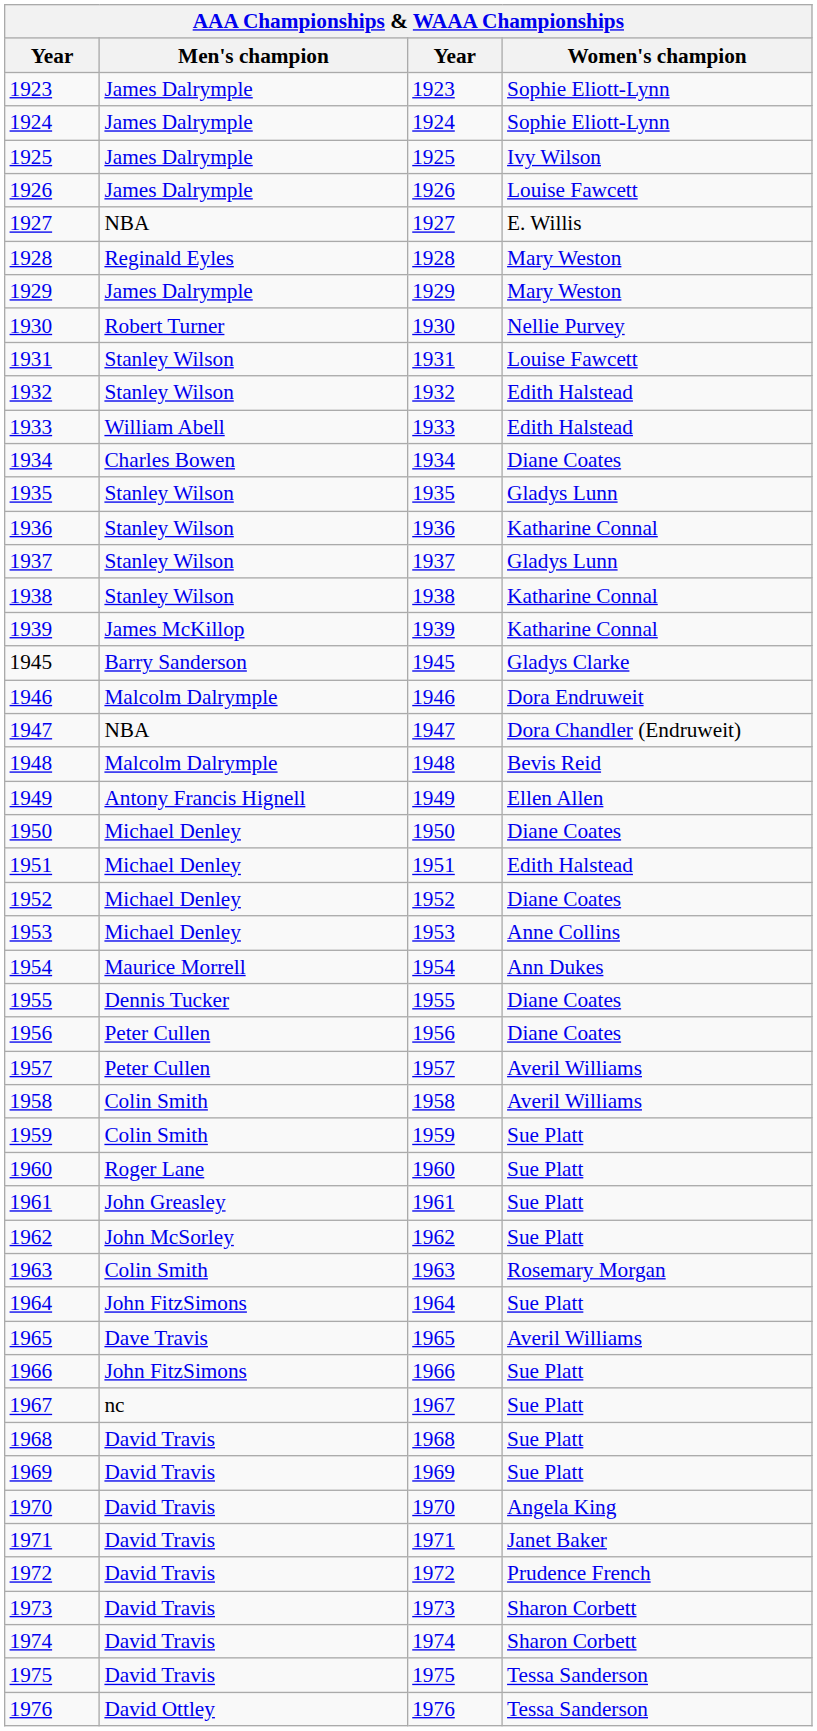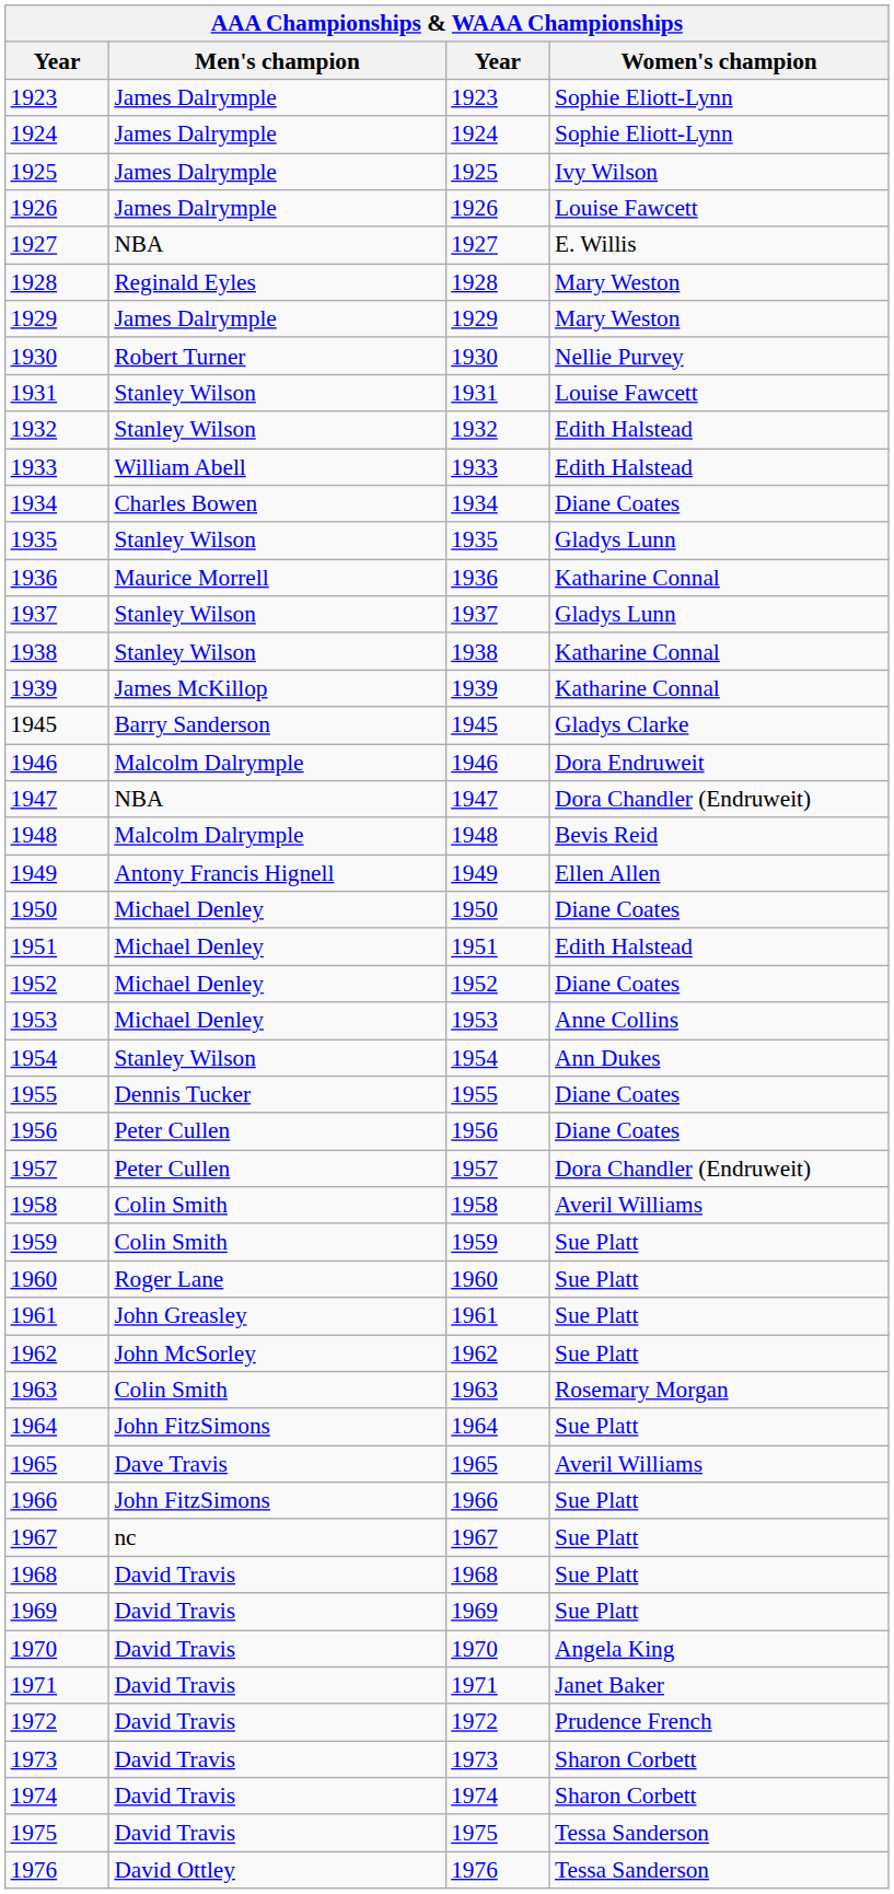 <table class="wikitable">
 <tr>
 <th colspan="4"><a href='#'>AAA Championships</a> & <a href='#'>WAAA Championships</a></th>
 </tr>
 <tr>
 <th width=80>Year</th>
 <th width=300>Men's champion</th>
 <th width=80>Year</th>
 <th width=300>Women's champion</th>
 </tr>
 <tr>
 <td><a href='#'>1923</a></td>
 <td><a href='#'>James Dalrymple</a></td>
 <td><a href='#'>1923</a></td>
 <td><a href='#'>Sophie Eliott-Lynn</a></td>
 </tr>
 <tr>
 <td><a href='#'>1924</a></td>
 <td><a href='#'>James Dalrymple</a></td>
 <td><a href='#'>1924</a></td>
 <td><a href='#'>Sophie Eliott-Lynn</a></td>
 </tr>
 <tr>
 <td><a href='#'>1925</a></td>
 <td><a href='#'>James Dalrymple</a></td>
 <td><a href='#'>1925</a></td>
 <td><a href='#'>Ivy Wilson</a></td>
 </tr>
 <tr>
 <td><a href='#'>1926</a></td>
 <td><a href='#'>James Dalrymple</a></td>
 <td><a href='#'>1926</a></td>
 <td><a href='#'>Louise Fawcett</a></td>
 </tr>
 <tr>
 <td><a href='#'>1927</a></td>
 <td>NBA</td>
 <td><a href='#'>1927</a></td>
 <td>E. Willis</td>
 </tr>
 <tr>
 <td><a href='#'>1928</a></td>
 <td><a href='#'>Reginald Eyles</a></td>
 <td><a href='#'>1928</a></td>
 <td><a href='#'>Mary Weston</a></td>
 </tr>
 <tr>
 <td><a href='#'>1929</a></td>
 <td><a href='#'>James Dalrymple</a></td>
 <td><a href='#'>1929</a></td>
 <td><a href='#'>Mary Weston</a></td>
 </tr>
 <tr>
 <td><a href='#'>1930</a></td>
 <td><a href='#'>Robert Turner</a></td>
 <td><a href='#'>1930</a></td>
 <td><a href='#'>Nellie Purvey</a></td>
 </tr>
 <tr>
 <td><a href='#'>1931</a></td>
 <td><a href='#'>Stanley Wilson</a></td>
 <td><a href='#'>1931</a></td>
 <td><a href='#'>Louise Fawcett</a></td>
 </tr>
 <tr>
 <td><a href='#'>1932</a></td>
 <td><a href='#'>Stanley Wilson</a></td>
 <td><a href='#'>1932</a></td>
 <td><a href='#'>Edith Halstead</a></td>
 </tr>
 <tr>
 <td><a href='#'>1933</a></td>
 <td><a href='#'>William Abell</a></td>
 <td><a href='#'>1933</a></td>
 <td><a href='#'>Edith Halstead</a></td>
 </tr>
 <tr>
 <td><a href='#'>1934</a></td>
 <td><a href='#'>Charles Bowen</a></td>
 <td><a href='#'>1934</a></td>
 <td><a href='#'>Diane Coates</a></td>
 </tr>
 <tr>
 <td><a href='#'>1935</a></td>
 <td><a href='#'>Stanley Wilson</a></td>
 <td><a href='#'>1935</a></td>
 <td><a href='#'>Gladys Lunn</a></td>
 </tr>
 <tr>
 <td><a href='#'>1936</a></td>
-<td><a href='#'>Stanley Wilson</a></td>
+<td><a href='#'>Maurice Morrell</a></td>
 <td><a href='#'>1936</a></td>
 <td><a href='#'>Katharine Connal</a></td>
 </tr>
 <tr>
 <td><a href='#'>1937</a></td>
 <td><a href='#'>Stanley Wilson</a></td>
 <td><a href='#'>1937</a></td>
 <td><a href='#'>Gladys Lunn</a></td>
 </tr>
 <tr>
 <td><a href='#'>1938</a></td>
 <td><a href='#'>Stanley Wilson</a></td>
 <td><a href='#'>1938</a></td>
 <td><a href='#'>Katharine Connal</a></td>
 </tr>
 <tr>
 <td><a href='#'>1939</a></td>
 <td><a href='#'>James McKillop</a></td>
 <td><a href='#'>1939</a></td>
 <td><a href='#'>Katharine Connal</a></td>
 </tr>
 <tr>
 <td>1945</td>
 <td><a href='#'>Barry Sanderson</a></td>
 <td><a href='#'>1945</a></td>
 <td><a href='#'>Gladys Clarke</a></td>
 </tr>
 <tr>
 <td><a href='#'>1946</a></td>
 <td><a href='#'>Malcolm Dalrymple</a></td>
 <td><a href='#'>1946</a></td>
 <td><a href='#'>Dora Endruweit</a></td>
 </tr>
 <tr>
 <td><a href='#'>1947</a></td>
 <td>NBA</td>
 <td><a href='#'>1947</a></td>
 <td><a href='#'>Dora Chandler</a> (Endruweit)</td>
 </tr>
 <tr>
 <td><a href='#'>1948</a></td>
 <td><a href='#'>Malcolm Dalrymple</a></td>
 <td><a href='#'>1948</a></td>
 <td><a href='#'>Bevis Reid</a></td>
 </tr>
 <tr>
 <td><a href='#'>1949</a></td>
 <td><a href='#'>Antony Francis Hignell</a></td>
 <td><a href='#'>1949</a></td>
 <td><a href='#'>Ellen Allen</a></td>
 </tr>
 <tr>
 <td><a href='#'>1950</a></td>
 <td><a href='#'>Michael Denley</a></td>
 <td><a href='#'>1950</a></td>
 <td><a href='#'>Diane Coates</a></td>
 </tr>
 <tr>
 <td><a href='#'>1951</a></td>
 <td><a href='#'>Michael Denley</a></td>
 <td><a href='#'>1951</a></td>
 <td><a href='#'>Edith Halstead</a></td>
 </tr>
 <tr>
 <td><a href='#'>1952</a></td>
 <td><a href='#'>Michael Denley</a></td>
 <td><a href='#'>1952</a></td>
 <td><a href='#'>Diane Coates</a></td>
 </tr>
 <tr>
 <td><a href='#'>1953</a></td>
 <td><a href='#'>Michael Denley</a></td>
 <td><a href='#'>1953</a></td>
 <td><a href='#'>Anne Collins</a></td>
 </tr>
 <tr>
 <td><a href='#'>1954</a></td>
-<td><a href='#'>Maurice Morrell</a></td>
+<td><a href='#'>Stanley Wilson</a></td>
 <td><a href='#'>1954</a></td>
 <td><a href='#'>Ann Dukes</a></td>
 </tr>
 <tr>
 <td><a href='#'>1955</a></td>
 <td><a href='#'>Dennis Tucker</a></td>
 <td><a href='#'>1955</a></td>
 <td><a href='#'>Diane Coates</a></td>
 </tr>
 <tr>
 <td><a href='#'>1956</a></td>
 <td><a href='#'>Peter Cullen</a></td>
 <td><a href='#'>1956</a></td>
 <td><a href='#'>Diane Coates</a></td>
 </tr>
 <tr>
 <td><a href='#'>1957</a></td>
 <td><a href='#'>Peter Cullen</a></td>
 <td><a href='#'>1957</a></td>
-<td><a href='#'>Averil Williams</a></td>
+<td><a href='#'>Dora Chandler</a> (Endruweit)</td>
 </tr>
 <tr>
 <td><a href='#'>1958</a></td>
 <td><a href='#'>Colin Smith</a></td>
 <td><a href='#'>1958</a></td>
 <td><a href='#'>Averil Williams</a></td>
 </tr>
 <tr>
 <td><a href='#'>1959</a></td>
 <td><a href='#'>Colin Smith</a></td>
 <td><a href='#'>1959</a></td>
 <td><a href='#'>Sue Platt</a></td>
 </tr>
 <tr>
 <td><a href='#'>1960</a></td>
 <td><a href='#'>Roger Lane</a></td>
 <td><a href='#'>1960</a></td>
 <td><a href='#'>Sue Platt</a></td>
 </tr>
 <tr>
 <td><a href='#'>1961</a></td>
 <td><a href='#'>John Greasley</a></td>
 <td><a href='#'>1961</a></td>
 <td><a href='#'>Sue Platt</a></td>
 </tr>
 <tr>
 <td><a href='#'>1962</a></td>
 <td><a href='#'>John McSorley</a></td>
 <td><a href='#'>1962</a></td>
 <td><a href='#'>Sue Platt</a></td>
 </tr>
 <tr>
 <td><a href='#'>1963</a></td>
 <td><a href='#'>Colin Smith</a></td>
 <td><a href='#'>1963</a></td>
 <td><a href='#'>Rosemary Morgan</a></td>
 </tr>
 <tr>
 <td><a href='#'>1964</a></td>
 <td><a href='#'>John FitzSimons</a></td>
 <td><a href='#'>1964</a></td>
 <td><a href='#'>Sue Platt</a></td>
 </tr>
 <tr>
 <td><a href='#'>1965</a></td>
 <td><a href='#'>Dave Travis</a></td>
 <td><a href='#'>1965</a></td>
 <td><a href='#'>Averil Williams</a></td>
 </tr>
 <tr>
 <td><a href='#'>1966</a></td>
 <td><a href='#'>John FitzSimons</a></td>
 <td><a href='#'>1966</a></td>
 <td><a href='#'>Sue Platt</a></td>
 </tr>
 <tr>
 <td><a href='#'>1967</a></td>
 <td>nc</td>
 <td><a href='#'>1967</a></td>
 <td><a href='#'>Sue Platt</a></td>
 </tr>
 <tr>
 <td><a href='#'>1968</a></td>
 <td><a href='#'>David Travis</a></td>
 <td><a href='#'>1968</a></td>
 <td><a href='#'>Sue Platt</a></td>
 </tr>
 <tr>
 <td><a href='#'>1969</a></td>
 <td><a href='#'>David Travis</a></td>
 <td><a href='#'>1969</a></td>
 <td><a href='#'>Sue Platt</a></td>
 </tr>
 <tr>
 <td><a href='#'>1970</a></td>
 <td><a href='#'>David Travis</a></td>
 <td><a href='#'>1970</a></td>
 <td><a href='#'>Angela King</a></td>
 </tr>
 <tr>
 <td><a href='#'>1971</a></td>
 <td><a href='#'>David Travis</a></td>
 <td><a href='#'>1971</a></td>
 <td><a href='#'>Janet Baker</a></td>
 </tr>
 <tr>
 <td><a href='#'>1972</a></td>
 <td><a href='#'>David Travis</a></td>
 <td><a href='#'>1972</a></td>
 <td><a href='#'>Prudence French</a></td>
 </tr>
 <tr>
 <td><a href='#'>1973</a></td>
 <td><a href='#'>David Travis</a></td>
 <td><a href='#'>1973</a></td>
 <td><a href='#'>Sharon Corbett</a></td>
 </tr>
 <tr>
 <td><a href='#'>1974</a></td>
 <td><a href='#'>David Travis</a></td>
 <td><a href='#'>1974</a></td>
 <td><a href='#'>Sharon Corbett</a></td>
 </tr>
 <tr>
 <td><a href='#'>1975</a></td>
 <td><a href='#'>David Travis</a></td>
 <td><a href='#'>1975</a></td>
 <td><a href='#'>Tessa Sanderson</a></td>
 </tr>
 <tr>
 <td><a href='#'>1976</a></td>
 <td><a href='#'>David Ottley</a></td>
 <td><a href='#'>1976</a></td>
 <td><a href='#'>Tessa Sanderson</a></td>
 </tr>
 </table>
